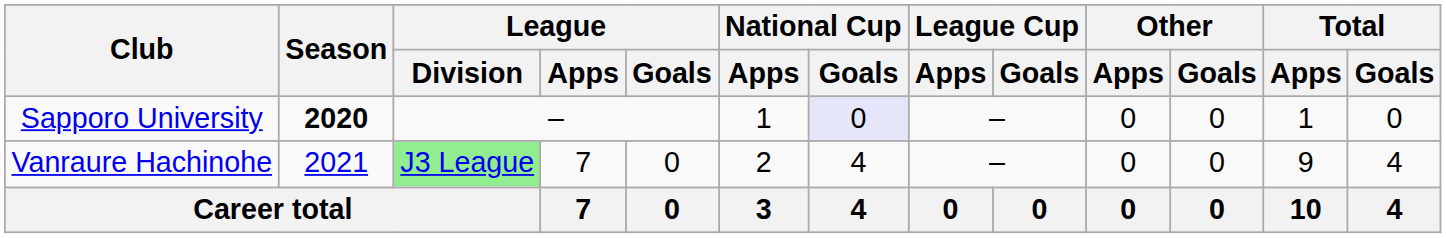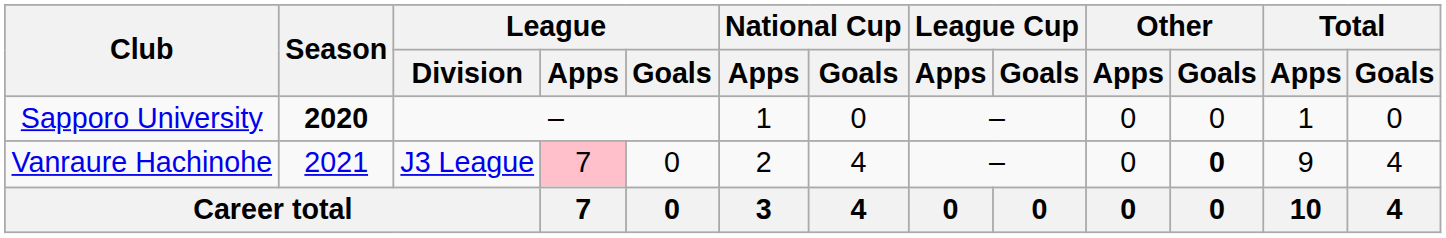 <table class="wikitable" style="text-align: center">
 <tr>
 <th rowspan="2">Club</th>
 <th rowspan="2">Season</th>
 <th colspan="3">League</th>
 <th colspan="2">National Cup</th>
 <th colspan="2">League Cup</th>
 <th colspan="2">Other</th>
 <th colspan="2">Total</th>
 </tr>
 <tr>
 <th>Division</th>
 <th>Apps</th>
 <th>Goals</th>
 <th>Apps</th>
 <th>Goals</th>
 <th>Apps</th>
 <th>Goals</th>
 <th>Apps</th>
 <th>Goals</th>
 <th>Apps</th>
 <th>Goals</th>
 </tr>
 <tr>
 <td><a href='#'>Sapporo University</a></td>
 <td><strong>2020</strong></td>
 <td colspan="3">–</td>
 <td>1</td>
-<td style="background: lavender;">0</td>
+<td>0</td>
 <td colspan="2">–</td>
 <td>0</td>
 <td>0</td>
 <td>1</td>
 <td>0</td>
 </tr>
 <tr>
 <td><a href='#'>Vanraure Hachinohe</a></td>
 <td><a href='#'>2021</a></td>
-<td style="background: lightgreen;"><a href='#'>J3 League</a></td>
-<td>7</td>
+<td><a href='#'>J3 League</a></td>
+<td style="background: pink;">7</td>
 <td>0</td>
 <td>2</td>
 <td>4</td>
 <td colspan="2">–</td>
 <td>0</td>
-<td>0</td>
+<td><strong>0</strong></td>
 <td>9</td>
 <td>4</td>
 </tr>
 <tr>
 <th colspan=3>Career total</th>
 <th>7</th>
 <th>0</th>
 <th>3</th>
 <th>4</th>
 <th>0</th>
 <th>0</th>
 <th>0</th>
 <th>0</th>
 <th>10</th>
 <th>4</th>
 </tr>
 </table>
